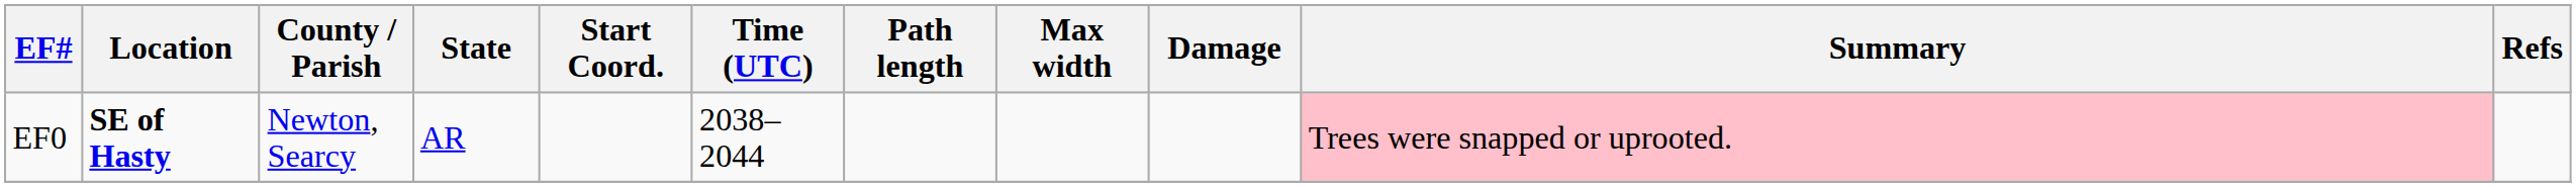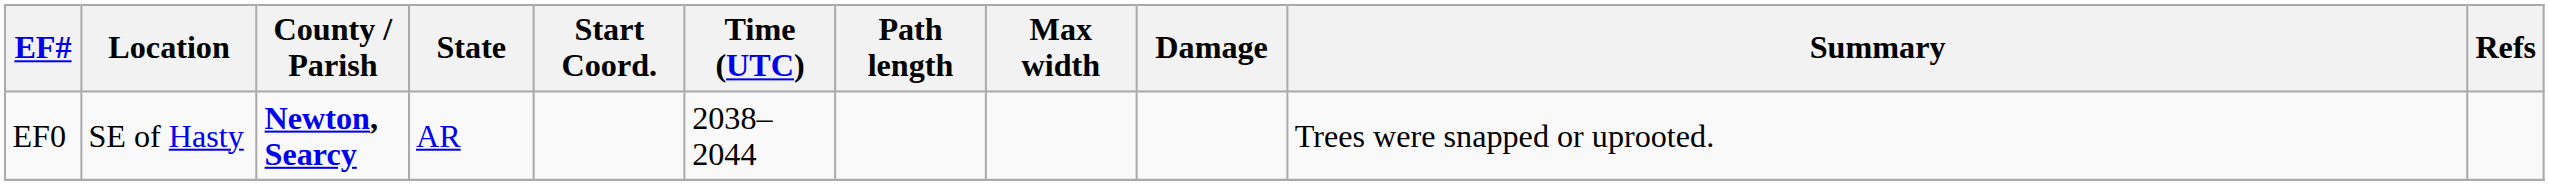 <table class="wikitable sortable" style="width:100%;">
 <tr>
 <th scope="col" width="3%" align="center"><a href='#'>EF#</a></th>
 <th scope="col" width="7%" align="center" class="unsortable">Location</th>
 <th scope="col" width="6%" align="center" class="unsortable">County / Parish</th>
 <th scope="col" width="5%" align="center">State</th>
 <th scope="col" width="6%" align="center">Start Coord.</th>
 <th scope="col" width="6%" align="center">Time (<a href='#'>UTC</a>)</th>
 <th scope="col" width="6%" align="center">Path length</th>
 <th scope="col" width="6%" align="center">Max width</th>
 <th scope="col" width="6%" align="center">Damage</th>
 <th scope="col" width="48%" class="unsortable" align="center">Summary</th>
 <th scope="col" width="48%" class="unsortable" align="center">Refs</th>
 </tr>
 <tr>
 <td>EF0</td>
-<td><strong>SE of <a href='#'>Hasty</a></strong></td>
-<td><a href='#'>Newton</a>, <a href='#'>Searcy</a></td>
+<td>SE of <a href='#'>Hasty</a></td>
+<td><strong><a href='#'>Newton</a>, <a href='#'>Searcy</a></strong></td>
 <td><a href='#'>AR</a></td>
 <td></td>
 <td>2038–2044</td>
 <td></td>
 <td></td>
 <td></td>
-<td style="background: pink;">Trees were snapped or uprooted.</td>
+<td>Trees were snapped or uprooted.</td>
 <td></td>
 </tr>
 <tr>
 </tr>
 </table>
